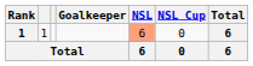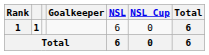 <table class="wikitable sortable" style="text-align:center">
 <tr>
 <th>Rank</th>
 <th></th>
 <th></th>
 <th>Goalkeeper</th>
 <th><a href='#'>NSL</a></th>
 <th><a href='#'>NSL Cup</a></th>
 <th>Total</th>
 </tr>
 <tr>
 <th>1</th>
-<td>1</td>
+<td><strong>1</strong></td>
 <td></td>
 <td align="left"></td>
-<td style="background: lightsalmon;">6</td>
+<td>6</td>
 <td>0</td>
 <th>6</th>
 </tr>
 <tr>
 <th colspan="4">Total</th>
 <th>6</th>
 <th>0</th>
 <th>6</th>
 </tr>
 </table>
